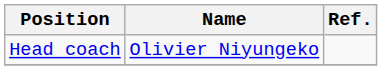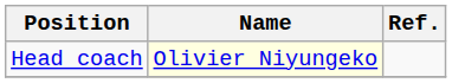 <table class="wikitable">
 <tr>
 <th>Position</th>
 <th>Name</th>
 <th>Ref.</th>
 </tr>
 <tr>
 <td><a href='#'>Head coach</a></td>
-<td>  <a href='#'>Olivier Niyungeko</a></td>
+<td style="background: lightyellow;">  <a href='#'>Olivier Niyungeko</a></td>
 <td></td>
 </tr>
 <tr>
 </tr>
 </table>
